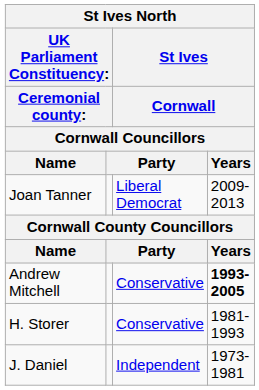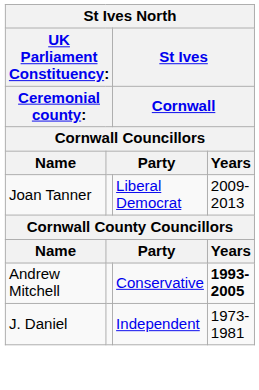 <table class="wikitable vcard" border="1" cellpadding="2" cellspacing="0" align="right" width="260" style="margin-left:0.5em;">
 <tr>
 <th class="fn org" colspan=4 align=center bgcolor="#ff9999"><strong>St Ives North</strong></th>
 </tr>
 <tr class="note">
 <th colspan=2><a href='#'>UK Parliament Constituency</a>:</th>
 <th colspan=2><a href='#'>St Ives</a></th>
 </tr>
 <tr class="note">
 <th colspan=2><a href='#'>Ceremonial county</a>:</th>
 <th colspan=2><a href='#'>Cornwall</a></th>
 </tr>
 <tr>
 <th colspan=4 align=center bgcolor="#ff9999">Cornwall Councillors</th>
 </tr>
 <tr>
 <th>Name</th>
 <th colspan=2>Party</th>
 <th>Years</th>
 </tr>
 <tr>
 <td>Joan Tanner</td>
 <td style="background-color: "></td>
 <td><a href='#'>Liberal Democrat</a></td>
 <td>2009-2013</td>
 </tr>
 <tr>
 <th colspan=4 align=center bgcolor="#ff9999">Cornwall County Councillors</th>
 </tr>
 <tr>
 <th>Name</th>
 <th colspan=2>Party</th>
 <th>Years</th>
 </tr>
 <tr>
 <td>Andrew Mitchell</td>
 <td style="background-color: "></td>
 <td><a href='#'>Conservative</a></td>
 <td><strong>1993-2005</strong></td>
 </tr>
 <tr>
-<td>H. Storer</td>
-<td style="background-color: "></td>
-<td><a href='#'>Conservative</a></td>
-<td>1981-1993</td>
-</tr>
-<tr>
 <td>J. Daniel</td>
 <td style="background-color: "></td>
 <td><a href='#'>Independent</a></td>
 <td>1973-1981</td>
 </tr>
 </table>
